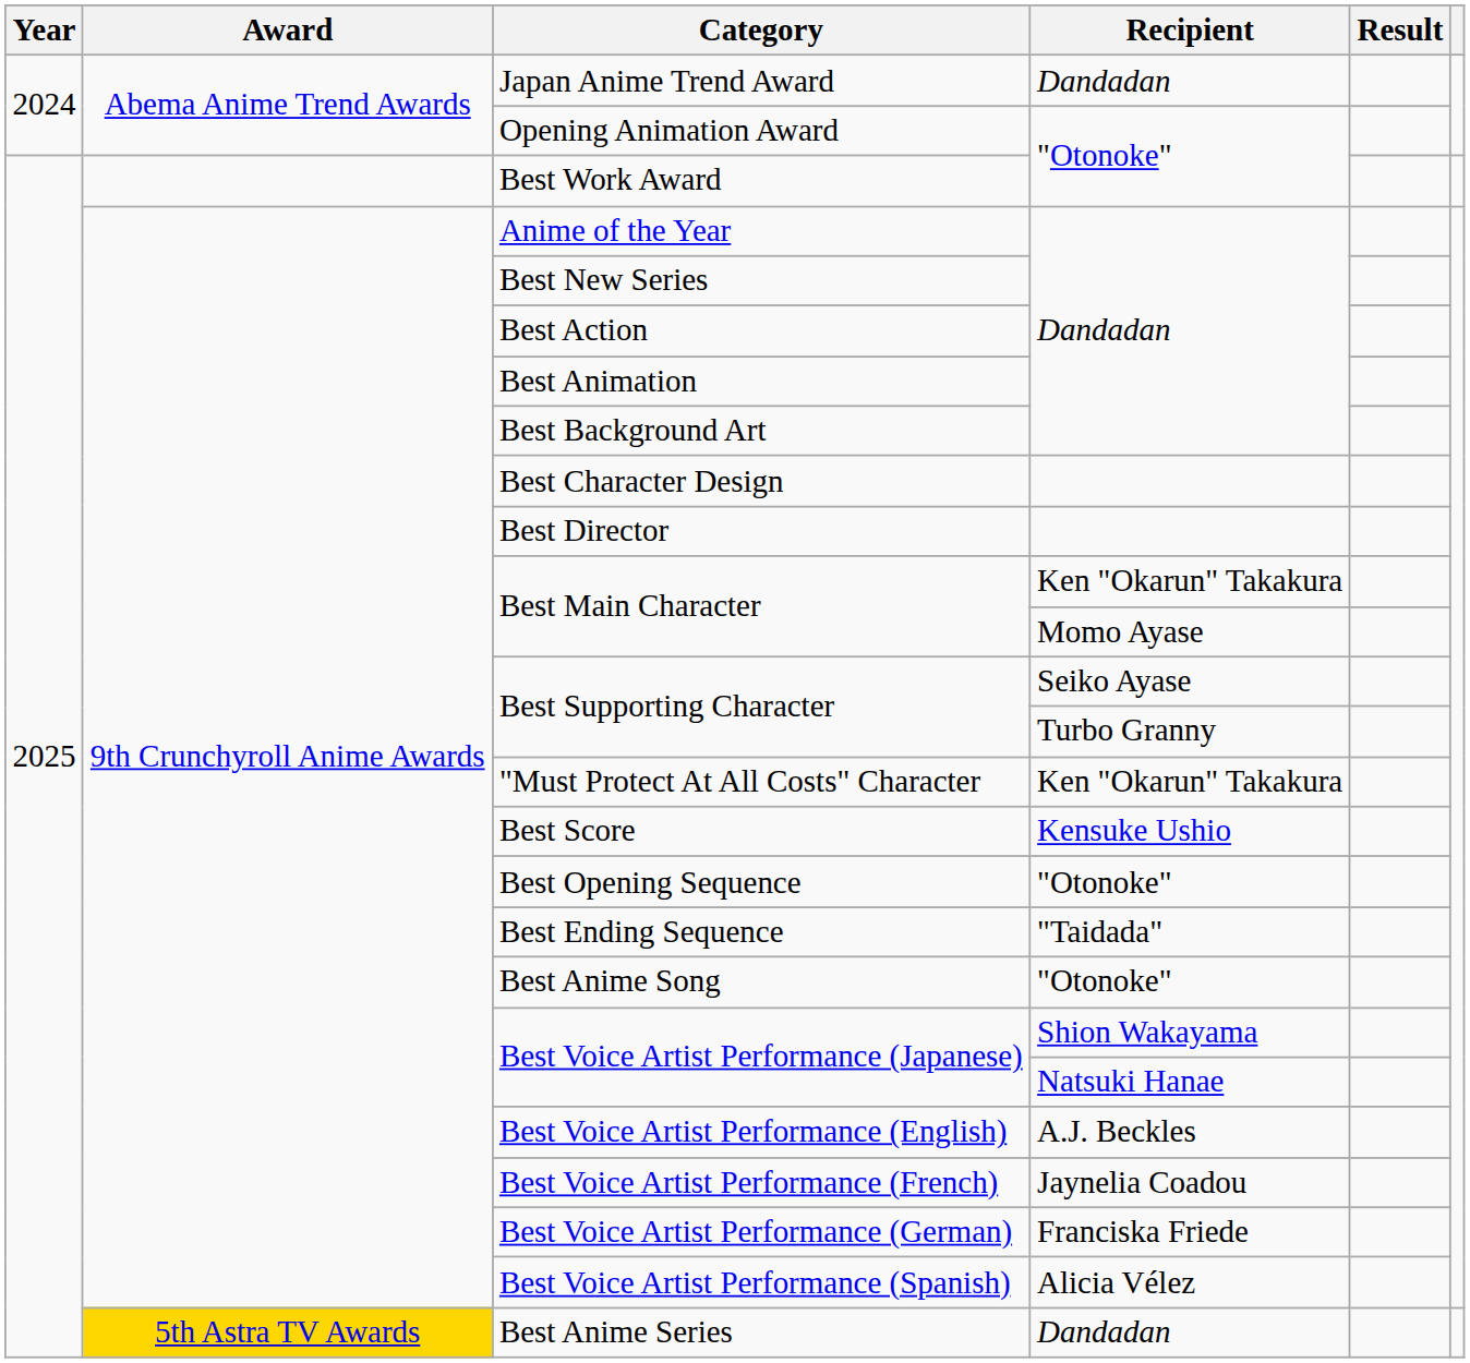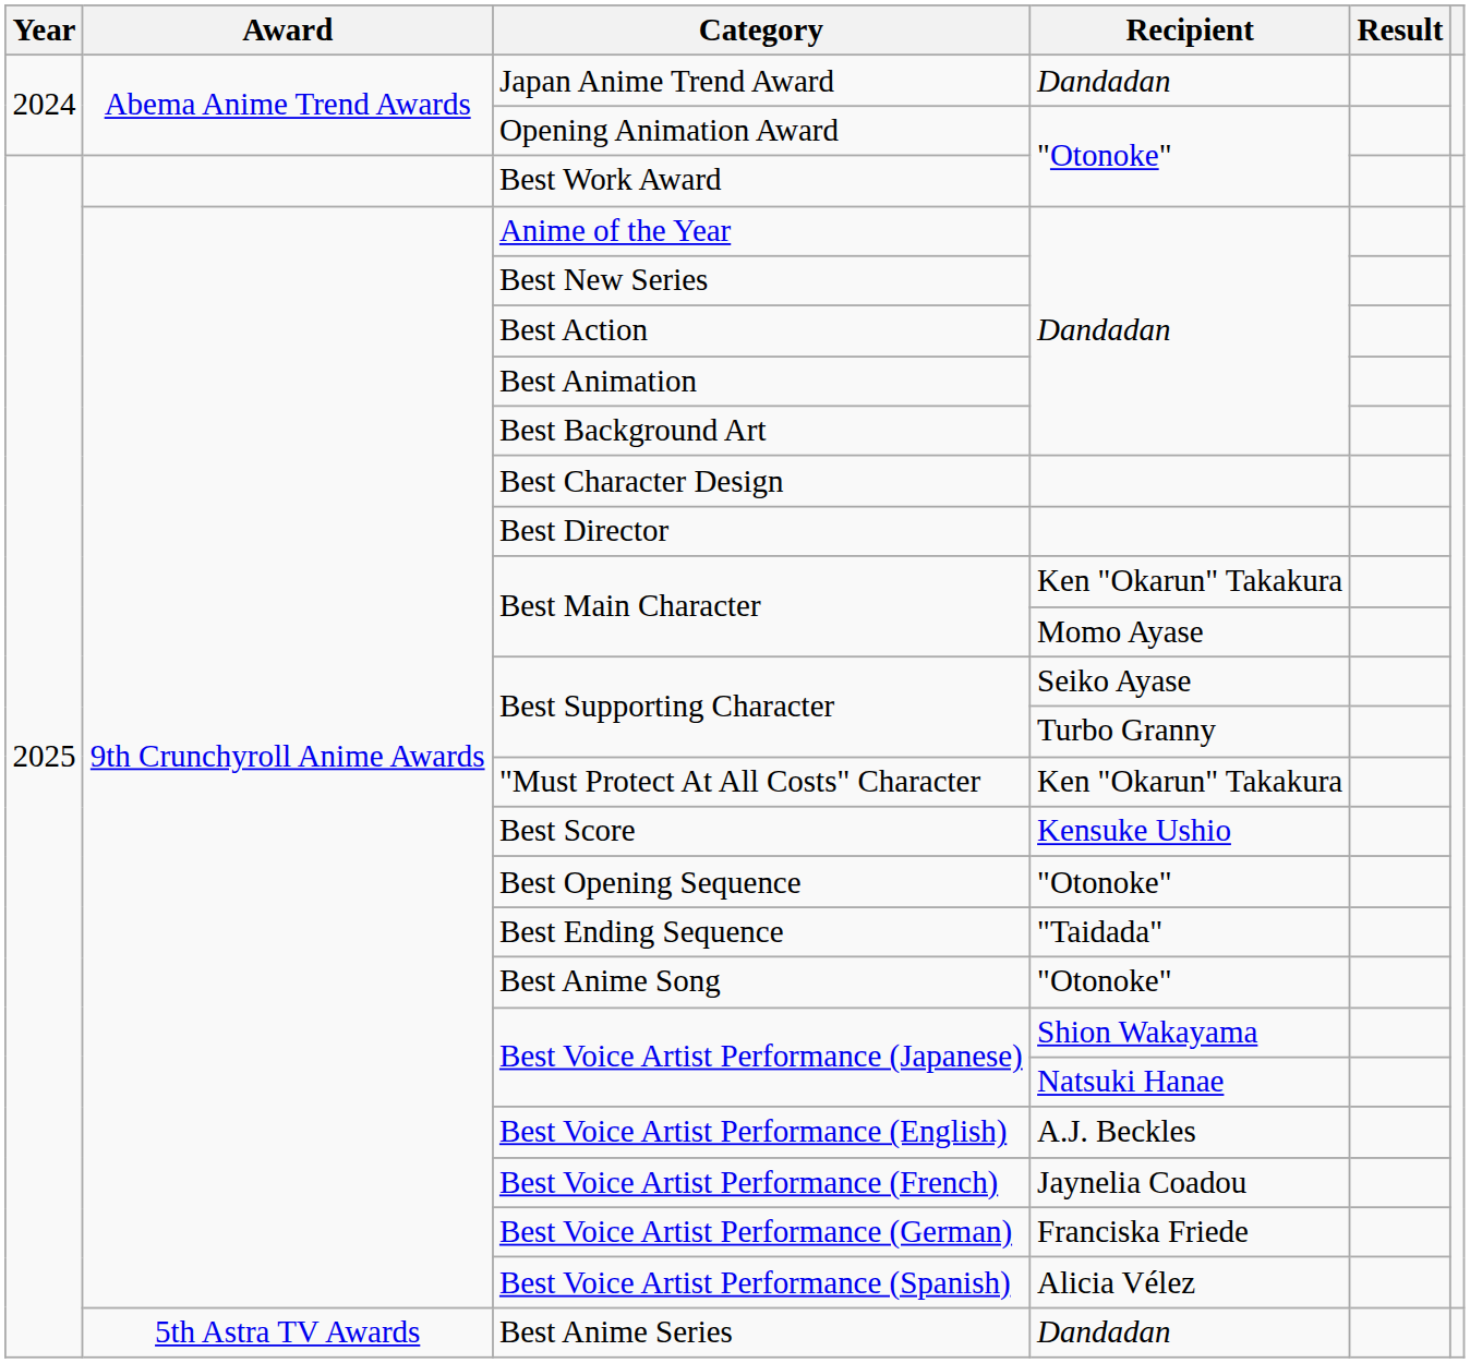 <table class="wikitable plainrowheaders sortable">
 <tr>
 <th scope="col">Year</th>
 <th scope="col">Award</th>
 <th scope="col">Category</th>
 <th scope="col">Recipient</th>
 <th scope="col">Result</th>
 <th scope="col" class="unsortable"></th>
 </tr>
 <tr>
 <td rowspan="2" align="center">2024</td>
 <td rowspan="2" align="center"><a href='#'>Abema Anime Trend Awards</a></td>
 <td>Japan Anime Trend Award</td>
 <td><em>Dandadan</em></td>
 <td></td>
 <td rowspan="2" style="text-align:center;"></td>
 </tr>
 <tr>
 <td>Opening Animation Award</td>
 <td rowspan="2">"<a href='#'>Otonoke</a>" </td>
 <td></td>
 </tr>
 <tr>
 <td rowspan="24" align="center">2025</td>
 <td align="center"></td>
 <td>Best Work Award</td>
 <td></td>
 <td style="text-align:center;"></td>
 </tr>
 <tr>
 <td rowspan="22" align="center"><a href='#'>9th Crunchyroll Anime Awards</a></td>
 <td><a href='#'>Anime of the Year</a></td>
 <td rowspan="5"><em>Dandadan</em></td>
 <td></td>
 <td rowspan="22" style="text-align:center;"></td>
 </tr>
 <tr>
 <td>Best New Series</td>
 <td></td>
 </tr>
 <tr>
 <td>Best Action</td>
 <td></td>
 </tr>
 <tr>
 <td>Best Animation</td>
 <td></td>
 </tr>
 <tr>
 <td>Best Background Art</td>
 <td></td>
 </tr>
 <tr>
 <td>Best Character Design</td>
 <td></td>
 <td></td>
 </tr>
 <tr>
 <td>Best Director</td>
 <td></td>
 <td></td>
 </tr>
 <tr>
 <td rowspan="2">Best Main Character</td>
 <td>Ken "Okarun" Takakura</td>
 <td></td>
 </tr>
 <tr>
 <td>Momo Ayase</td>
 <td></td>
 </tr>
 <tr>
 <td rowspan="2">Best Supporting Character</td>
 <td>Seiko Ayase</td>
 <td></td>
 </tr>
 <tr>
 <td>Turbo Granny</td>
 <td></td>
 </tr>
 <tr>
 <td>"Must Protect At All Costs" Character</td>
 <td>Ken "Okarun" Takakura</td>
 <td></td>
 </tr>
 <tr>
 <td>Best Score</td>
 <td><a href='#'>Kensuke Ushio</a></td>
 <td></td>
 </tr>
 <tr>
 <td>Best Opening Sequence</td>
 <td>"Otonoke" </td>
 <td></td>
 </tr>
 <tr>
 <td>Best Ending Sequence</td>
 <td>"Taidada" </td>
 <td></td>
 </tr>
 <tr>
 <td>Best Anime Song</td>
 <td>"Otonoke" </td>
 <td></td>
 </tr>
 <tr>
 <td rowspan="2"><a href='#'>Best Voice Artist Performance (Japanese)</a></td>
 <td><a href='#'>Shion Wakayama</a> </td>
 <td></td>
 </tr>
 <tr>
 <td><a href='#'>Natsuki Hanae</a> </td>
 <td></td>
 </tr>
 <tr>
 <td><a href='#'>Best Voice Artist Performance (English)</a></td>
 <td>A.J. Beckles </td>
 <td></td>
 </tr>
 <tr>
 <td><a href='#'>Best Voice Artist Performance (French)</a></td>
 <td>Jaynelia Coadou </td>
 <td></td>
 </tr>
 <tr>
 <td><a href='#'>Best Voice Artist Performance (German)</a></td>
 <td>Franciska Friede </td>
 <td></td>
 </tr>
 <tr>
 <td><a href='#'>Best Voice Artist Performance (Spanish)</a></td>
 <td>Alicia Vélez </td>
 <td></td>
 </tr>
 <tr>
-<td align="center" style="background: gold;"><a href='#'>5th Astra TV Awards</a></td>
+<td align="center"><a href='#'>5th Astra TV Awards</a></td>
 <td>Best Anime Series</td>
 <td><em>Dandadan</em></td>
 <td></td>
 <td style="text-align:center;"></td>
 </tr>
 </table>
